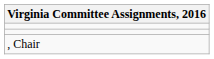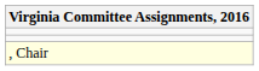 <table class="wikitable">
 <tr>
 <th><strong>Virginia Committee Assignments, 2016</strong></th>
 </tr>
 <tr>
 <td></td>
 </tr>
 <tr>
 <td></td>
 </tr>
 <tr>
-<td>, Chair</td>
+<td style="background: lightyellow;">, Chair</td>
 </tr>
 </table>
